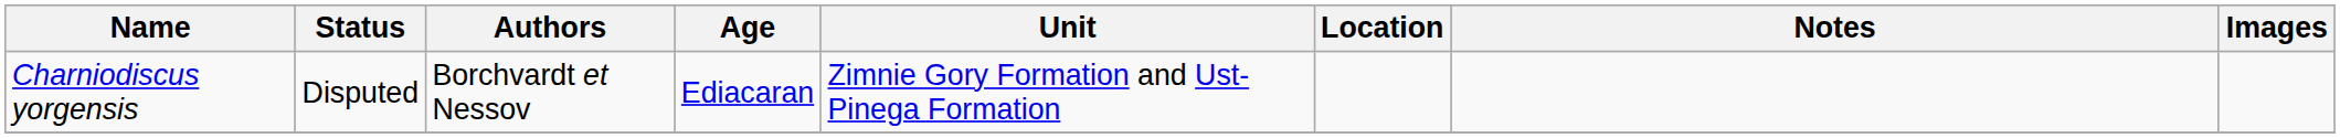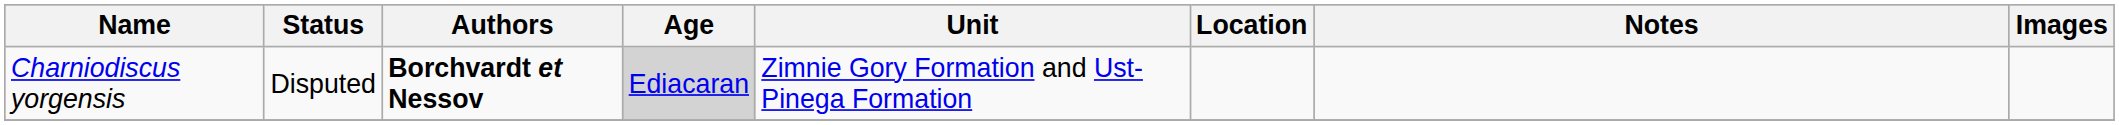 <table class="wikitable sortable" align="center" width="100%">
 <tr>
 <th>Name</th>
 <th>Status</th>
 <th>Authors</th>
 <th>Age</th>
 <th>Unit</th>
 <th>Location</th>
 <th width="33%" class="unsortable">Notes</th>
 <th class="unsortable">Images</th>
 </tr>
 <tr>
 <td><em><a href='#'>Charniodiscus</a> yorgensis</em></td>
 <td>Disputed</td>
-<td>Borchvardt <em>et</em> Nessov</td>
-<td><a href='#'>Ediacaran</a></td>
+<td><strong>Borchvardt <em>et</em> Nessov</strong></td>
+<td style="background: lightgrey;"><a href='#'>Ediacaran</a></td>
 <td><a href='#'>Zimnie Gory Formation</a> and <a href='#'>Ust-Pinega Formation</a></td>
 <td></td>
 <td></td>
 <td></td>
 </tr>
 <tr>
 </tr>
 </table>
